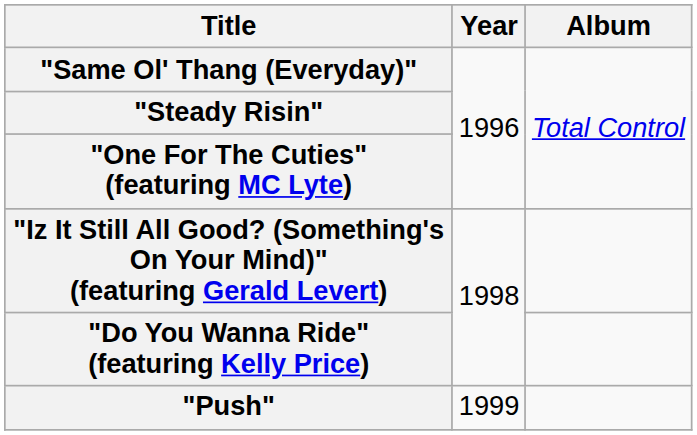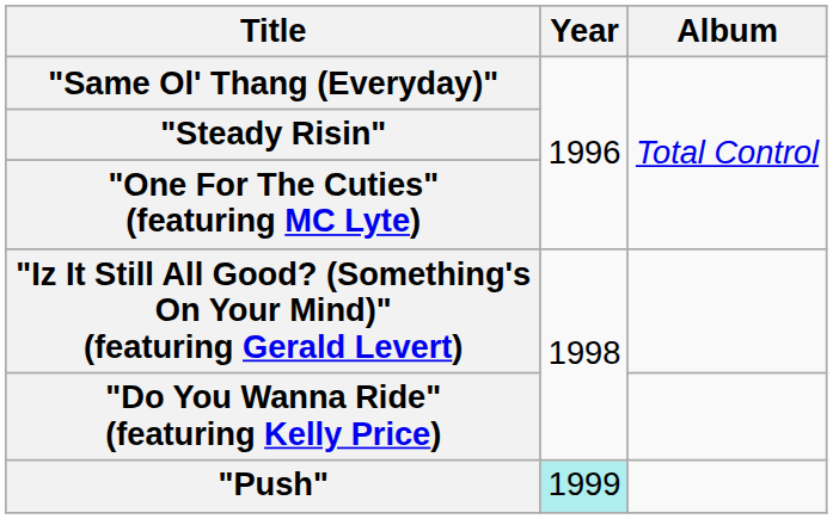 <table class="wikitable plainrowheaders" style="text-align:center;">
 <tr>
 <th scope="col" style="width:16em;">Title</th>
 <th scope="col">Year</th>
 <th scope="col" rowspan="1">Album</th>
 </tr>
 <tr>
 <th scope="row">"Same Ol' Thang (Everyday)"</th>
 <td rowspan="3">1996</td>
 <td rowspan="3"><em><a href='#'>Total Control</a></em></td>
 </tr>
 <tr>
 <th scope="row">"Steady Risin"</th>
 </tr>
 <tr>
 <th scope="row">"One For The Cuties"<br><span>(featuring <a href='#'>MC Lyte</a>)</span></th>
 </tr>
 <tr>
 <th scope="row">"Iz It Still All Good? (Something's On Your Mind)"<br><span>(featuring <a href='#'>Gerald Levert</a>)</span></th>
 <td rowspan="2">1998</td>
 <td></td>
 </tr>
 <tr>
 <th scope="row">"Do You Wanna Ride"<br><span>(featuring <a href='#'>Kelly Price</a>)</span></th>
 <td></td>
 </tr>
 <tr>
 <th scope="row">"Push"</th>
-<td>1999</td>
+<td style="background: paleturquoise;">1999</td>
 <td></td>
 </tr>
 </table>
